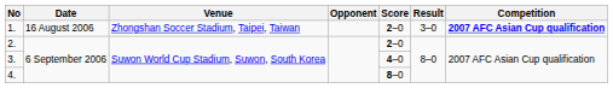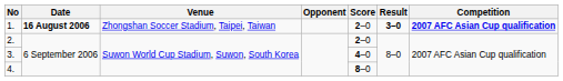 <table class="wikitable" style="font-size:85%;">
 <tr>
 <th>No</th>
 <th>Date</th>
 <th>Venue</th>
 <th>Opponent</th>
 <th>Score</th>
 <th>Result</th>
 <th>Competition</th>
 </tr>
 <tr>
 <td>1.</td>
-<td>16 August 2006</td>
+<td><strong>16 August 2006</strong></td>
 <td><a href='#'>Zhongshan Soccer Stadium</a>, <a href='#'>Taipei</a>, <a href='#'>Taiwan</a></td>
 <td></td>
 <td align=center><strong>2</strong>–0</td>
-<td align=center>3–0</td>
+<td align=center><strong>3–0</strong></td>
 <td><strong><a href='#'>2007 AFC Asian Cup qualification</a></strong></td>
 </tr>
 <tr>
 <td>2.</td>
 <td rowspan="3">6 September 2006</td>
 <td rowspan="3"><a href='#'>Suwon World Cup Stadium</a>, <a href='#'>Suwon</a>, <a href='#'>South Korea</a></td>
 <td rowspan="3"></td>
 <td align=center><strong>2</strong>–0</td>
 <td rowspan="3" style="text-align:center">8–0</td>
 <td rowspan="3">2007 AFC Asian Cup qualification</td>
 </tr>
 <tr>
 <td>3.</td>
 <td align=center><strong>4</strong>–0</td>
 </tr>
 <tr>
 <td>4.</td>
 <td align=center><strong>8</strong>–0</td>
 </tr>
 </table>
